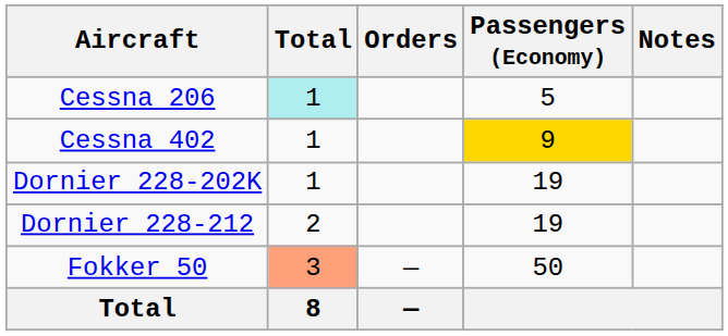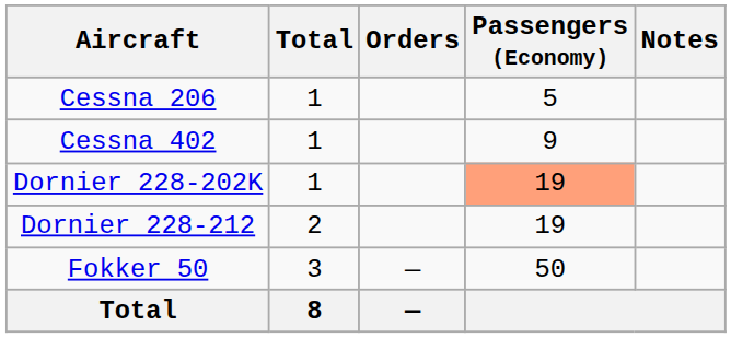 <table class="wikitable" style="margin:0.5em auto; text-align:center">
 <tr>
 <th>Aircraft</th>
 <th>Total</th>
 <th>Orders</th>
 <th>Passengers<br><small>(Economy)</small></th>
 <th>Notes</th>
 </tr>
 <tr>
 <td><a href='#'>Cessna 206</a></td>
-<td align="center" style="background: paleturquoise;">1</td>
+<td align="center">1</td>
 <td align="center"></td>
 <td align="center">5</td>
 <td></td>
 </tr>
 <tr>
 <td><a href='#'>Cessna 402</a></td>
 <td align="center">1</td>
 <td align="center"></td>
-<td align="center" style="background: gold;">9</td>
+<td align="center">9</td>
 <td></td>
 </tr>
 <tr>
 <td><a href='#'>Dornier 228-202K</a></td>
 <td align="center">1</td>
 <td align="center"></td>
-<td align="center">19</td>
+<td align="center" style="background: lightsalmon;">19</td>
 <td></td>
 </tr>
 <tr>
 <td><a href='#'>Dornier 228-212</a></td>
 <td align="center">2</td>
 <td align="center"></td>
 <td align="center">19</td>
 <td></td>
 </tr>
 <tr>
 <td><a href='#'>Fokker 50</a></td>
-<td align="center" style="background: lightsalmon;">3</td>
+<td align="center">3</td>
 <td align="center">—</td>
 <td align="center">50</td>
 <td></td>
 </tr>
 <tr>
 <th>Total</th>
 <th>8</th>
 <th>—</th>
 <th colspan="2"></th>
 </tr>
 </table>
